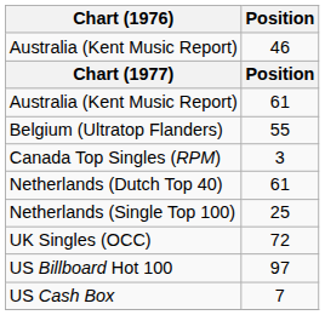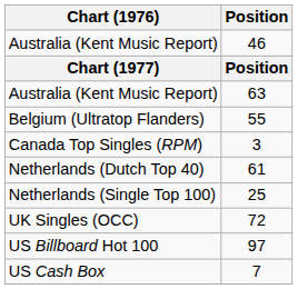 <table class="wikitable sortable">
 <tr>
 <th>Chart (1976)</th>
 <th>Position</th>
 </tr>
 <tr>
 <td>Australia (Kent Music Report)</td>
 <td align="center">46</td>
 </tr>
 <tr>
 <th>Chart (1977)</th>
 <th>Position</th>
 </tr>
 <tr>
 <td>Australia (Kent Music Report)</td>
-<td align="center">61</td>
+<td align="center">63</td>
 </tr>
 <tr>
 <td>Belgium (Ultratop Flanders)</td>
 <td style="text-align:center;">55</td>
 </tr>
 <tr>
 <td>Canada Top Singles (<em>RPM</em>)</td>
 <td style="text-align:center;">3</td>
 </tr>
 <tr>
 <td>Netherlands (Dutch Top 40)</td>
 <td style="text-align:center;">61</td>
 </tr>
 <tr>
 <td>Netherlands (Single Top 100)</td>
 <td style="text-align:center;">25</td>
 </tr>
 <tr>
 <td>UK Singles (OCC)</td>
 <td style="text-align:center;">72</td>
 </tr>
 <tr>
 <td>US <em>Billboard</em> Hot 100</td>
 <td style="text-align:center;">97</td>
 </tr>
 <tr>
 <td>US <em>Cash Box</em></td>
 <td style="text-align:center;">7</td>
 </tr>
 <tr>
 </tr>
 </table>
